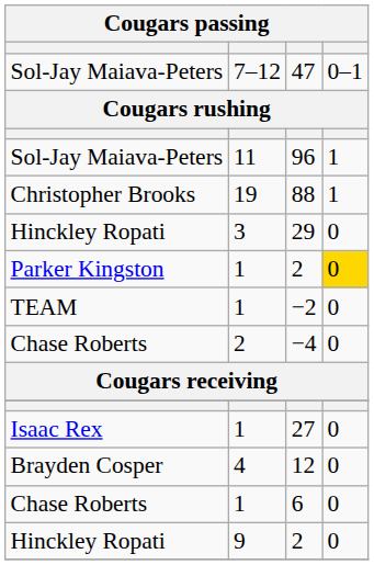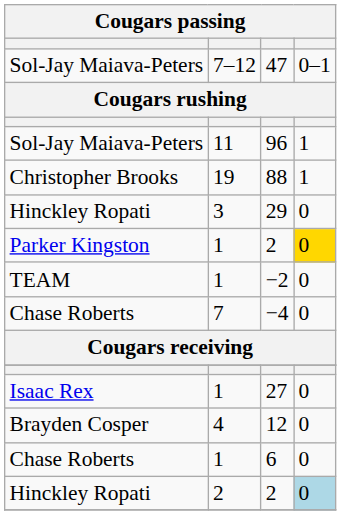 <table class="wikitable plainrowheaders">
 <tr>
 <th colspan="6">Cougars passing</th>
 </tr>
 <tr>
 <th scope="col"></th>
 <th scope="col"></th>
 <th scope="col"></th>
 <th scope="col"></th>
 </tr>
 <tr>
 <td>Sol-Jay Maiava-Peters</td>
 <td>7–12</td>
 <td>47</td>
 <td>0–1</td>
 </tr>
 <tr>
 <th colspan="6">Cougars rushing</th>
 </tr>
 <tr>
 <th scope="col"></th>
 <th scope="col"></th>
 <th scope="col"></th>
 <th scope="col"></th>
 </tr>
 <tr>
 <td>Sol-Jay Maiava-Peters</td>
 <td>11</td>
 <td>96</td>
 <td>1</td>
 </tr>
 <tr>
 <td>Christopher Brooks</td>
 <td>19</td>
 <td>88</td>
 <td>1</td>
 </tr>
 <tr>
 <td>Hinckley Ropati</td>
 <td>3</td>
 <td>29</td>
 <td>0</td>
 </tr>
 <tr>
 <td><a href='#'>Parker Kingston</a></td>
 <td>1</td>
 <td>2</td>
 <td style="background: gold;">0</td>
 </tr>
 <tr>
 <td>TEAM</td>
 <td>1</td>
 <td>−2</td>
 <td>0</td>
 </tr>
 <tr>
 <td>Chase Roberts</td>
-<td>2</td>
+<td>7</td>
 <td>−4</td>
 <td>0</td>
 </tr>
 <tr>
 <th colspan="6">Cougars receiving</th>
 </tr>
 <tr>
 </tr>
 <tr>
 <th scope="col"></th>
 <th scope="col"></th>
 <th scope="col"></th>
 <th scope="col"></th>
 </tr>
 <tr>
 <td><a href='#'>Isaac Rex</a></td>
 <td>1</td>
 <td>27</td>
 <td>0</td>
 </tr>
 <tr>
 <td>Brayden Cosper</td>
 <td>4</td>
 <td>12</td>
 <td>0</td>
 </tr>
 <tr>
 <td>Chase Roberts</td>
 <td>1</td>
 <td>6</td>
 <td>0</td>
 </tr>
 <tr>
 <td>Hinckley Ropati</td>
-<td>9</td>
 <td>2</td>
-<td>0</td>
+<td>2</td>
+<td style="background: lightblue;">0</td>
 </tr>
 <tr>
 </tr>
 </table>
